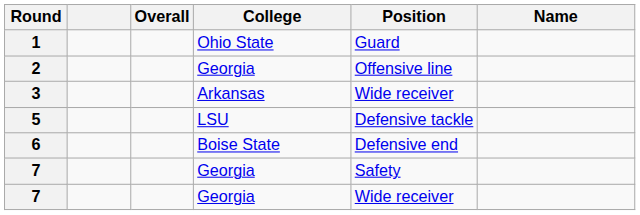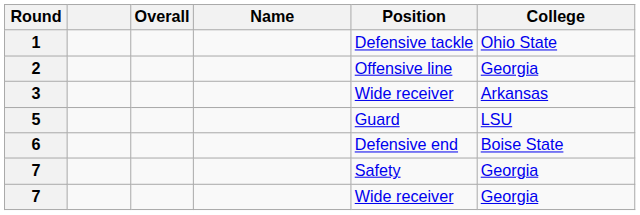 <table class="wikitable sortable">
 <tr>
 <th scope="col" style="width: 10%;">Round</th>
 <th scope="col" style="width: 10%;"></th>
 <th scope="col" style="width: 10%;">Overall</th>
+<th scope="col" style="width: 25%;">Name</th>
+<th scope="col" style="width: 20%;">Position</th>
 <th scope="col" style="width: 25%;">College</th>
-<th scope="col" style="width: 20%;">Position</th>
-<th scope="col" style="width: 25%;">Name</th>
 </tr>
 <tr>
 <th scope="row">1</th>
 <td></td>
 <td></td>
+<td></td>
+<td><a href='#'>Defensive tackle</a></td>
 <td><a href='#'>Ohio State</a></td>
-<td><a href='#'>Guard</a></td>
-<td></td>
 </tr>
 <tr>
 <th scope="row">2</th>
 <td></td>
 <td></td>
+<td></td>
+<td><a href='#'>Offensive line</a></td>
 <td><a href='#'>Georgia</a></td>
-<td><a href='#'>Offensive line</a></td>
-<td></td>
 </tr>
 <tr>
 <th scope="row">3</th>
 <td></td>
 <td></td>
+<td></td>
+<td><a href='#'>Wide receiver</a></td>
 <td><a href='#'>Arkansas</a></td>
-<td><a href='#'>Wide receiver</a></td>
-<td></td>
 </tr>
 <tr>
 <th scope="row">5</th>
 <td></td>
 <td></td>
+<td></td>
+<td><a href='#'>Guard</a></td>
 <td><a href='#'>LSU</a></td>
-<td><a href='#'>Defensive tackle</a></td>
-<td></td>
 </tr>
 <tr>
 <th scope="row">6</th>
 <td></td>
 <td></td>
+<td></td>
+<td><a href='#'>Defensive end</a></td>
 <td><a href='#'>Boise State</a></td>
-<td><a href='#'>Defensive end</a></td>
-<td></td>
 </tr>
 <tr>
 <th scope="row">7</th>
 <td></td>
 <td></td>
+<td></td>
+<td><a href='#'>Safety</a></td>
 <td><a href='#'>Georgia</a></td>
-<td><a href='#'>Safety</a></td>
-<td></td>
 </tr>
 <tr>
 <th scope="row">7</th>
 <td></td>
 <td></td>
+<td></td>
+<td><a href='#'>Wide receiver</a></td>
 <td><a href='#'>Georgia</a></td>
-<td><a href='#'>Wide receiver</a></td>
-<td></td>
 </tr>
 </table>
